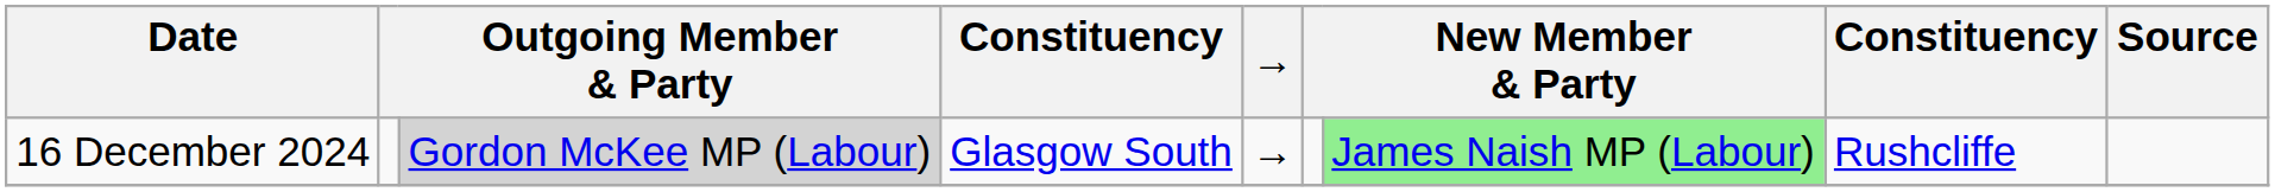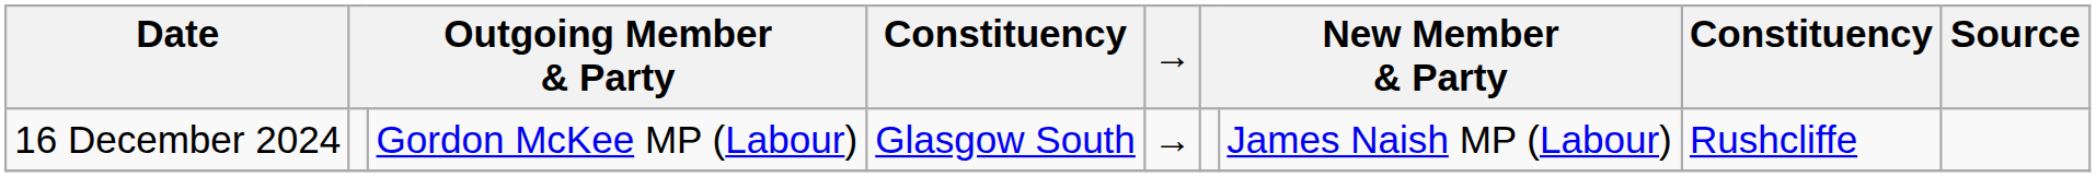 <table class="wikitable">
 <tr>
 <th valign="top">Date</th>
 <th colspan="2" valign="top">Outgoing Member<br>& Party</th>
 <th valign="top">Constituency</th>
 <th>→</th>
 <th colspan="2" valign="top">New Member<br>& Party</th>
 <th valign="top">Constituency</th>
 <th valign="top">Source</th>
 </tr>
 <tr>
 <td nowrap>16 December 2024</td>
 <td style="color:inherit;background:"></td>
-<td style="background: lightgrey;"><a href='#'>Gordon McKee</a> MP (<a href='#'>Labour</a>)</td>
+<td><a href='#'>Gordon McKee</a> MP (<a href='#'>Labour</a>)</td>
 <td><a href='#'>Glasgow South</a></td>
 <td>→</td>
 <td style="color:inherit;background:"></td>
-<td style="background: lightgreen;"><a href='#'>James Naish</a> MP (<a href='#'>Labour</a>)</td>
+<td><a href='#'>James Naish</a> MP (<a href='#'>Labour</a>)</td>
 <td><a href='#'>Rushcliffe</a></td>
 <td></td>
 </tr>
 <tr>
 </tr>
 </table>
